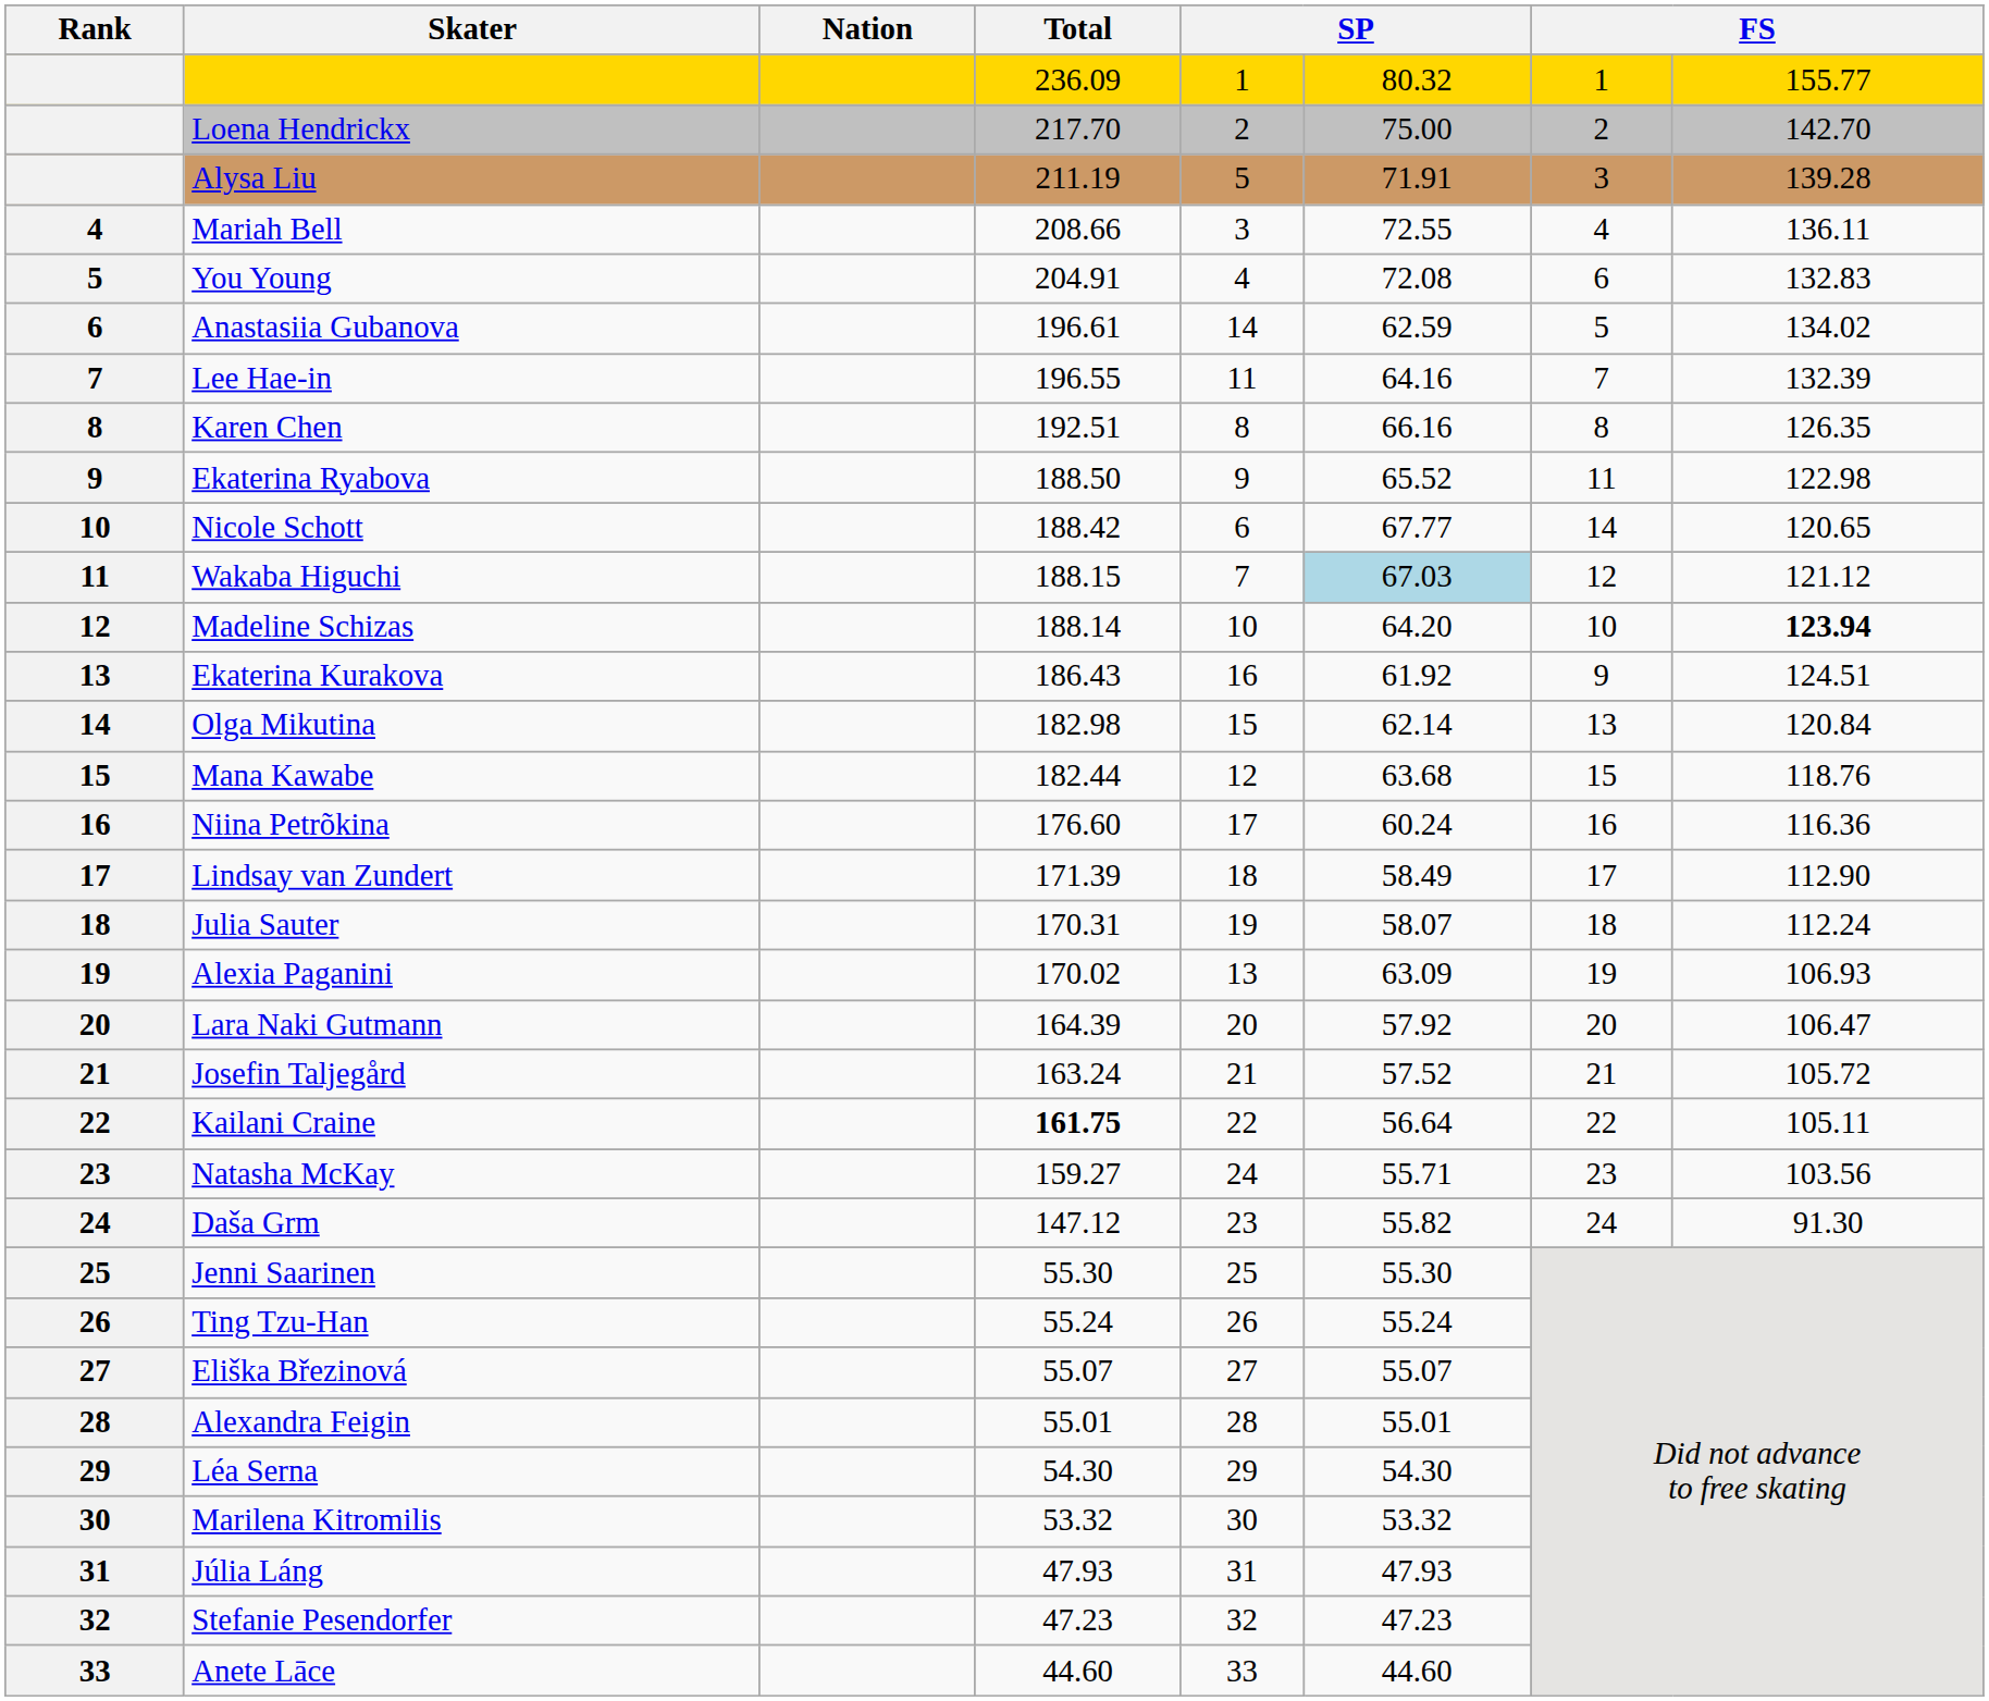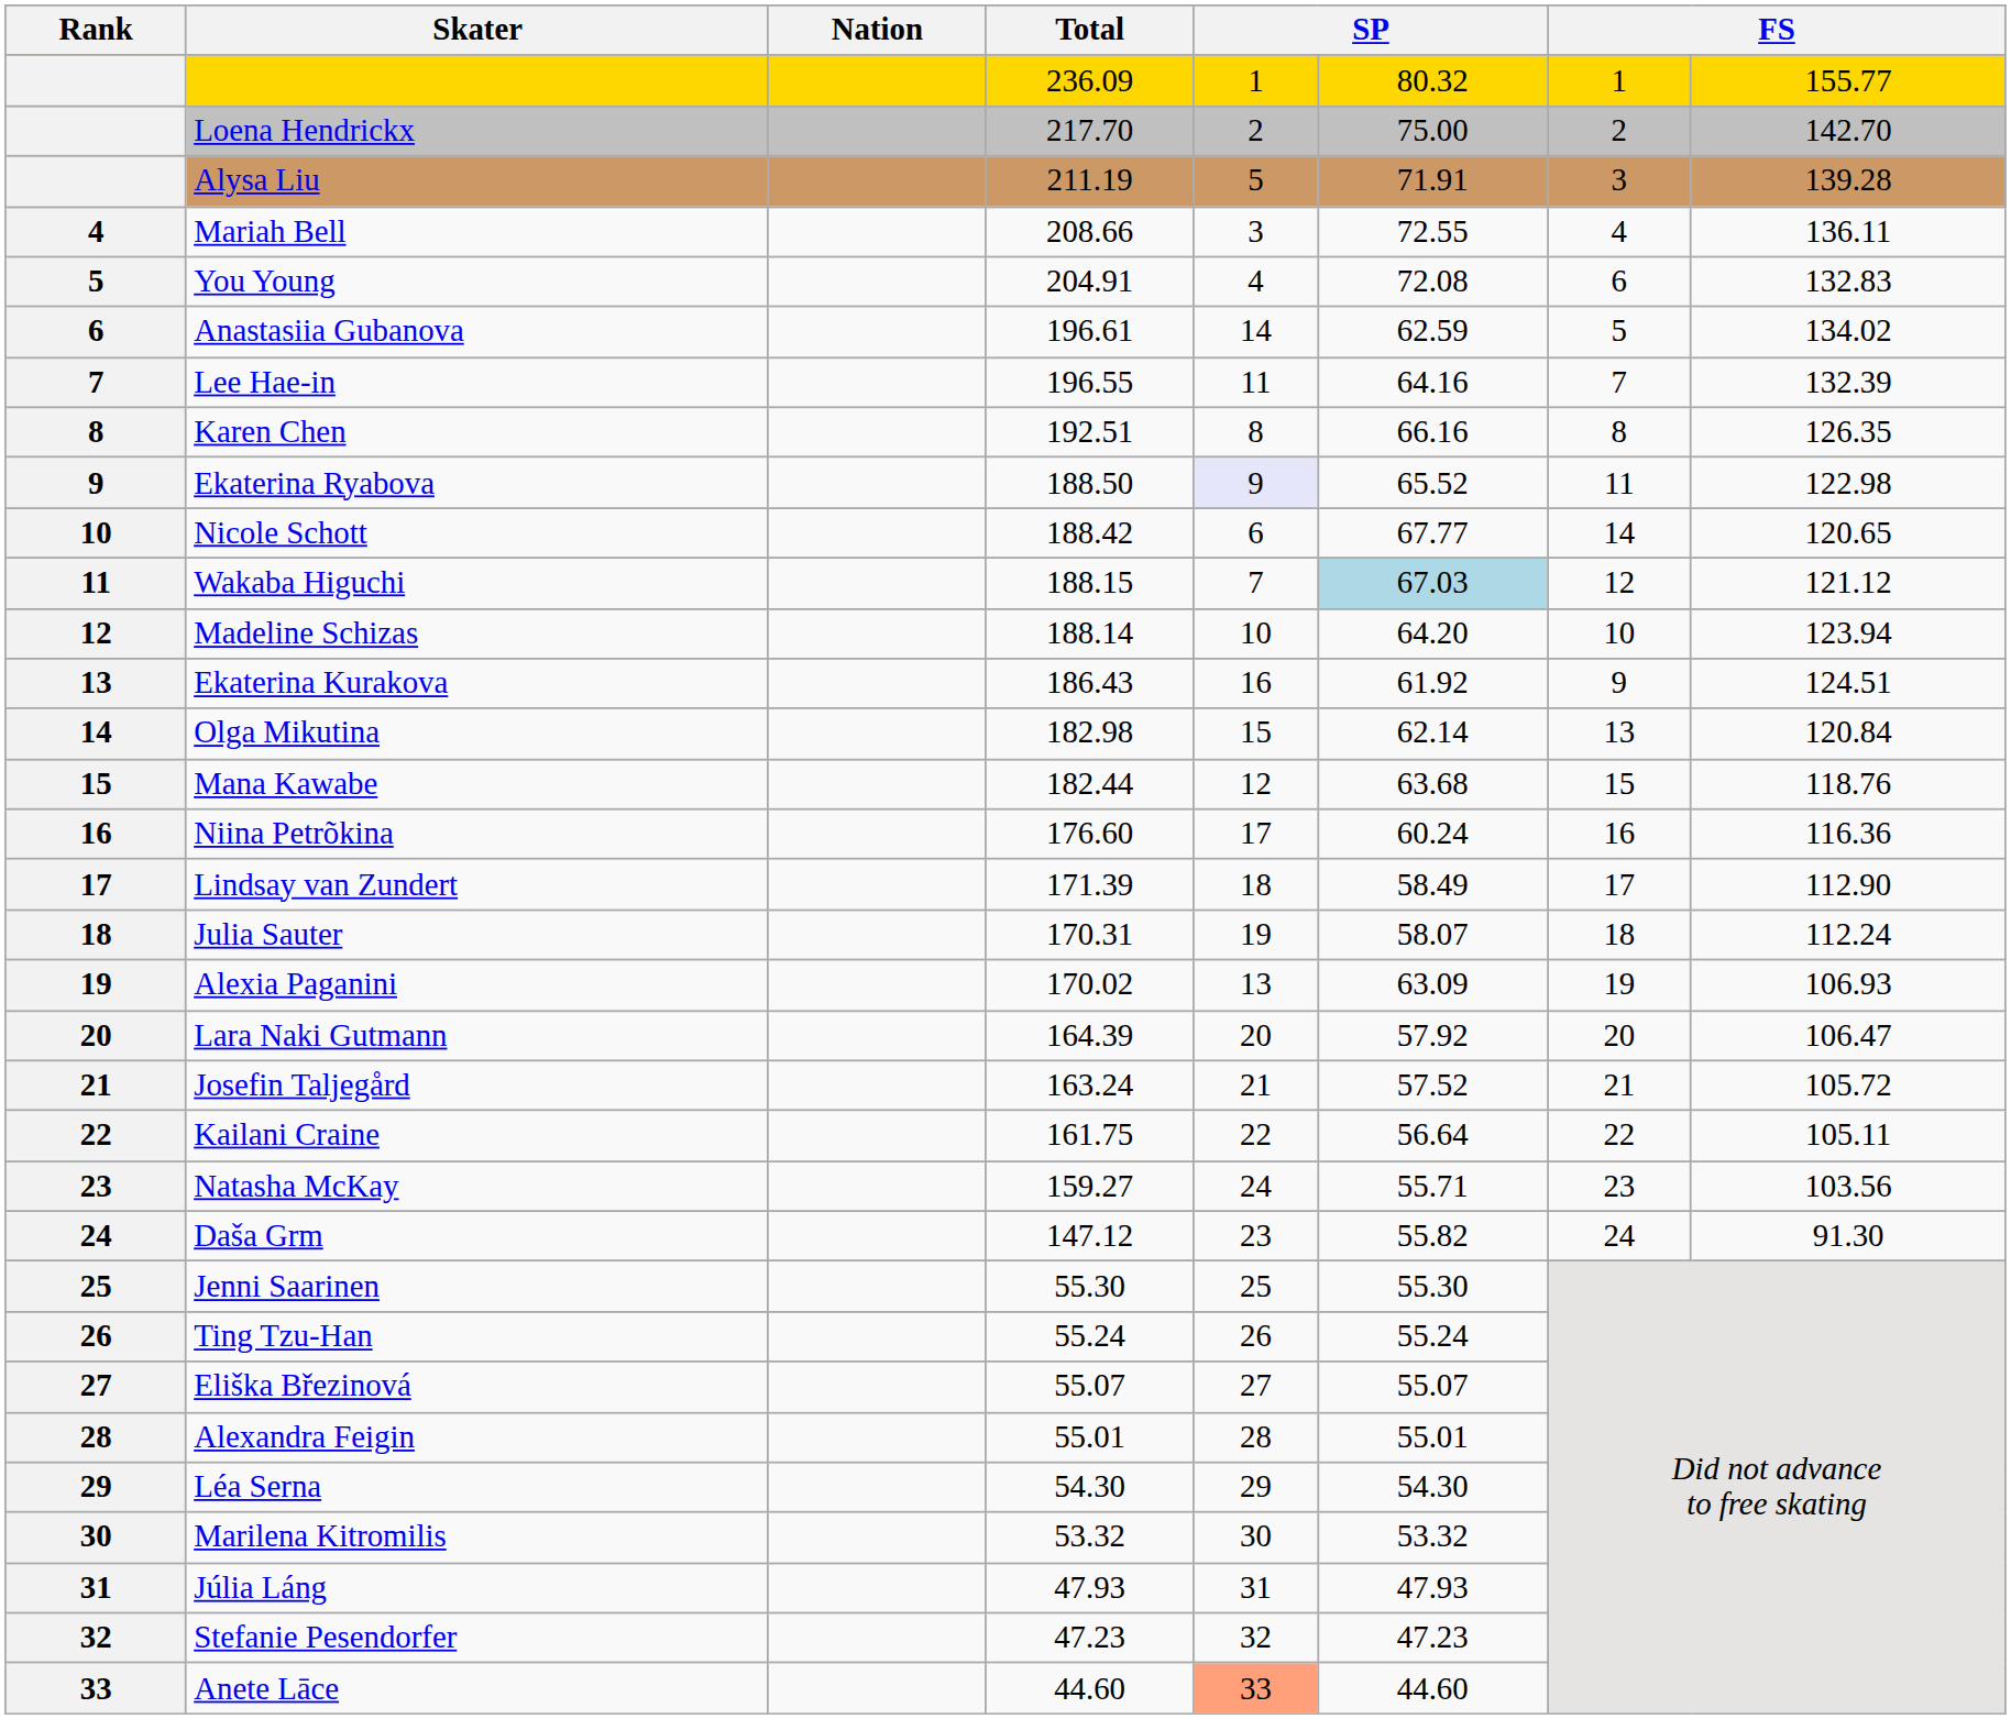 <table class="wikitable sortable" style="text-align:center; width:80%">
 <tr>
 <th scope="col">Rank</th>
 <th scope="col">Skater</th>
 <th scope="col">Nation</th>
 <th scope="col">Total</th>
 <th colspan="2" width="80px"><a href='#'>SP</a></th>
 <th colspan="2" width="80px"><a href='#'>FS</a></th>
 </tr>
 <tr bgcolor="gold">
 <th scope="row"></th>
 <td align="left"></td>
 <td align="left"></td>
 <td align="center">236.09</td>
 <td align="center">1</td>
 <td align="center">80.32</td>
 <td align="center">1</td>
 <td align="center">155.77</td>
 </tr>
 <tr bgcolor="silver">
 <th scope="row"></th>
 <td align="left"><a href='#'>Loena Hendrickx</a></td>
 <td align="left"></td>
 <td align="center">217.70</td>
 <td align="center">2</td>
 <td align="center">75.00</td>
 <td align="center">2</td>
 <td align="center">142.70</td>
 </tr>
 <tr bgcolor="#cc9966">
 <th scope="row"></th>
 <td align="left"><a href='#'>Alysa Liu</a></td>
 <td align="left"></td>
 <td align="center">211.19</td>
 <td align="center">5</td>
 <td align="center">71.91</td>
 <td align="center">3</td>
 <td align="center">139.28</td>
 </tr>
 <tr>
 <th scope="row">4</th>
 <td align="left"><a href='#'>Mariah Bell</a></td>
 <td align="left"></td>
 <td align="center">208.66</td>
 <td align="center">3</td>
 <td align="center">72.55</td>
 <td align="center">4</td>
 <td align="center">136.11</td>
 </tr>
 <tr>
 <th scope="row">5</th>
 <td align="left"><a href='#'>You Young</a></td>
 <td align="left"></td>
 <td align="center">204.91</td>
 <td align="center">4</td>
 <td align="center">72.08</td>
 <td align="center">6</td>
 <td align="center">132.83</td>
 </tr>
 <tr>
 <th scope="row">6</th>
 <td align="left"><a href='#'>Anastasiia Gubanova</a></td>
 <td align="left"></td>
 <td align="center">196.61</td>
 <td align="center">14</td>
 <td align="center">62.59</td>
 <td align="center">5</td>
 <td align="center">134.02</td>
 </tr>
 <tr>
 <th scope="row">7</th>
 <td align="left"><a href='#'>Lee Hae-in</a></td>
 <td align="left"></td>
 <td align="center">196.55</td>
 <td align="center">11</td>
 <td align="center">64.16</td>
 <td align="center">7</td>
 <td align="center">132.39</td>
 </tr>
 <tr>
 <th scope="row">8</th>
 <td align="left"><a href='#'>Karen Chen</a></td>
 <td align="left"></td>
 <td align="center">192.51</td>
 <td align="center">8</td>
 <td align="center">66.16</td>
 <td align="center">8</td>
 <td align="center">126.35</td>
 </tr>
 <tr>
 <th scope="row">9</th>
 <td align="left"><a href='#'>Ekaterina Ryabova</a></td>
 <td align="left"></td>
 <td align="center">188.50</td>
-<td align="center">9</td>
+<td align="center" style="background: lavender;">9</td>
 <td align="center">65.52</td>
 <td align="center">11</td>
 <td align="center">122.98</td>
 </tr>
 <tr>
 <th scope="row">10</th>
 <td align="left"><a href='#'>Nicole Schott</a></td>
 <td align="left"></td>
 <td align="center">188.42</td>
 <td align="center">6</td>
 <td align="center">67.77</td>
 <td align="center">14</td>
 <td align="center">120.65</td>
 </tr>
 <tr>
 <th scope="row">11</th>
 <td align="left"><a href='#'>Wakaba Higuchi</a></td>
 <td align="left"></td>
 <td align="center">188.15</td>
 <td align="center">7</td>
 <td align="center" style="background: lightblue;">67.03</td>
 <td align="center">12</td>
 <td align="center">121.12</td>
 </tr>
 <tr>
 <th scope="row">12</th>
 <td align="left"><a href='#'>Madeline Schizas</a></td>
 <td align="left"></td>
 <td align="center">188.14</td>
 <td align="center">10</td>
 <td align="center">64.20</td>
 <td align="center">10</td>
-<td align="center"><strong>123.94</strong></td>
+<td align="center">123.94</td>
 </tr>
 <tr>
 <th scope="row">13</th>
 <td align="left"><a href='#'>Ekaterina Kurakova</a></td>
 <td align="left"></td>
 <td align="center">186.43</td>
 <td align="center">16</td>
 <td align="center">61.92</td>
 <td align="center">9</td>
 <td align="center">124.51</td>
 </tr>
 <tr>
 <th scope="row">14</th>
 <td align="left"><a href='#'>Olga Mikutina</a></td>
 <td align="left"></td>
 <td align="center">182.98</td>
 <td align="center">15</td>
 <td align="center">62.14</td>
 <td align="center">13</td>
 <td align="center">120.84</td>
 </tr>
 <tr>
 <th scope="row">15</th>
 <td align="left"><a href='#'>Mana Kawabe</a></td>
 <td align="left"></td>
 <td align="center">182.44</td>
 <td align="center">12</td>
 <td align="center">63.68</td>
 <td align="center">15</td>
 <td align="center">118.76</td>
 </tr>
 <tr>
 <th scope="row">16</th>
 <td align="left"><a href='#'>Niina Petrõkina</a></td>
 <td align="left"></td>
 <td align="center">176.60</td>
 <td align="center">17</td>
 <td align="center">60.24</td>
 <td align="center">16</td>
 <td align="center">116.36</td>
 </tr>
 <tr>
 <th scope="row">17</th>
 <td align="left"><a href='#'>Lindsay van Zundert</a></td>
 <td align="left"></td>
 <td align="center">171.39</td>
 <td align="center">18</td>
 <td align="center">58.49</td>
 <td align="center">17</td>
 <td align="center">112.90</td>
 </tr>
 <tr>
 <th scope="row">18</th>
 <td align="left"><a href='#'>Julia Sauter</a></td>
 <td align="left"></td>
 <td align="center">170.31</td>
 <td align="center">19</td>
 <td align="center">58.07</td>
 <td align="center">18</td>
 <td align="center">112.24</td>
 </tr>
 <tr>
 <th scope="row">19</th>
 <td align="left"><a href='#'>Alexia Paganini</a></td>
 <td align="left"></td>
 <td align="center">170.02</td>
 <td align="center">13</td>
 <td align="center">63.09</td>
 <td align="center">19</td>
 <td align="center">106.93</td>
 </tr>
 <tr>
 <th scope="row">20</th>
 <td align="left"><a href='#'>Lara Naki Gutmann</a></td>
 <td align="left"></td>
 <td align="center">164.39</td>
 <td align="center">20</td>
 <td align="center">57.92</td>
 <td align="center">20</td>
 <td align="center">106.47</td>
 </tr>
 <tr>
 <th scope="row">21</th>
 <td align="left"><a href='#'>Josefin Taljegård</a></td>
 <td align="left"></td>
 <td align="center">163.24</td>
 <td align="center">21</td>
 <td align="center">57.52</td>
 <td align="center">21</td>
 <td align="center">105.72</td>
 </tr>
 <tr>
 <th scope="row">22</th>
 <td align="left"><a href='#'>Kailani Craine</a></td>
 <td align="left"></td>
-<td align="center"><strong>161.75</strong></td>
+<td align="center">161.75</td>
 <td align="center">22</td>
 <td align="center">56.64</td>
 <td align="center">22</td>
 <td align="center">105.11</td>
 </tr>
 <tr>
 <th scope="row">23</th>
 <td align="left"><a href='#'>Natasha McKay</a></td>
 <td align="left"></td>
 <td align="center">159.27</td>
 <td align="center">24</td>
 <td align="center">55.71</td>
 <td align="center">23</td>
 <td align="center">103.56</td>
 </tr>
 <tr>
 <th scope="row">24</th>
 <td align="left"><a href='#'>Daša Grm</a></td>
 <td align="left"></td>
 <td align="center">147.12</td>
 <td align="center">23</td>
 <td align="center">55.82</td>
 <td align="center">24</td>
 <td align="center">91.30</td>
 </tr>
 <tr>
 <th scope="row">25</th>
 <td align="left"><a href='#'>Jenni Saarinen</a></td>
 <td align="left"></td>
 <td align="center">55.30</td>
 <td align="center">25</td>
 <td align="center">55.30</td>
 <td colspan=2 rowspan="9" align="center" bgcolor="e5e4e2"><em>Did not advance<br>to free skating</em></td>
 </tr>
 <tr>
 <th scope="row">26</th>
 <td align="left"><a href='#'>Ting Tzu-Han</a></td>
 <td align="left"></td>
 <td align="center">55.24</td>
 <td align="center">26</td>
 <td align="center">55.24</td>
 </tr>
 <tr>
 <th scope="row">27</th>
 <td align="left"><a href='#'>Eliška Březinová</a></td>
 <td align="left"></td>
 <td align="center">55.07</td>
 <td align="center">27</td>
 <td align="center">55.07</td>
 </tr>
 <tr>
 <th scope="row">28</th>
 <td align="left"><a href='#'>Alexandra Feigin</a></td>
 <td align="left"></td>
 <td align="center">55.01</td>
 <td align="center">28</td>
 <td align="center">55.01</td>
 </tr>
 <tr>
 <th scope="row">29</th>
 <td align="left"><a href='#'>Léa Serna</a></td>
 <td align="left"></td>
 <td align="center">54.30</td>
 <td align="center">29</td>
 <td align="center">54.30</td>
 </tr>
 <tr>
 <th scope="row">30</th>
 <td align="left"><a href='#'>Marilena Kitromilis</a></td>
 <td align="left"></td>
 <td align="center">53.32</td>
 <td align="center">30</td>
 <td align="center">53.32</td>
 </tr>
 <tr>
 <th scope="row">31</th>
 <td align="left"><a href='#'>Júlia Láng</a></td>
 <td align="left"></td>
 <td align="center">47.93</td>
 <td align="center">31</td>
 <td align="center">47.93</td>
 </tr>
 <tr>
 <th scope="row">32</th>
 <td align="left"><a href='#'>Stefanie Pesendorfer</a></td>
 <td align="left"></td>
 <td align="center">47.23</td>
 <td align="center">32</td>
 <td align="center">47.23</td>
 </tr>
 <tr>
 <th scope="row">33</th>
 <td align="left"><a href='#'>Anete Lāce</a></td>
 <td align="left"></td>
 <td align="center">44.60</td>
-<td align="center">33</td>
+<td align="center" style="background: lightsalmon;">33</td>
 <td align="center">44.60</td>
 </tr>
 </table>
